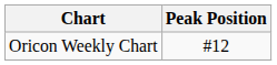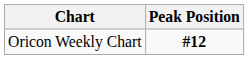 <table class="wikitable">
 <tr>
 <th>Chart</th>
 <th>Peak Position</th>
 </tr>
 <tr>
 <td>Oricon Weekly Chart</td>
-<td align="center">#12</td>
+<td align="center"><strong>#12</strong></td>
 </tr>
 <tr>
 </tr>
 </table>
